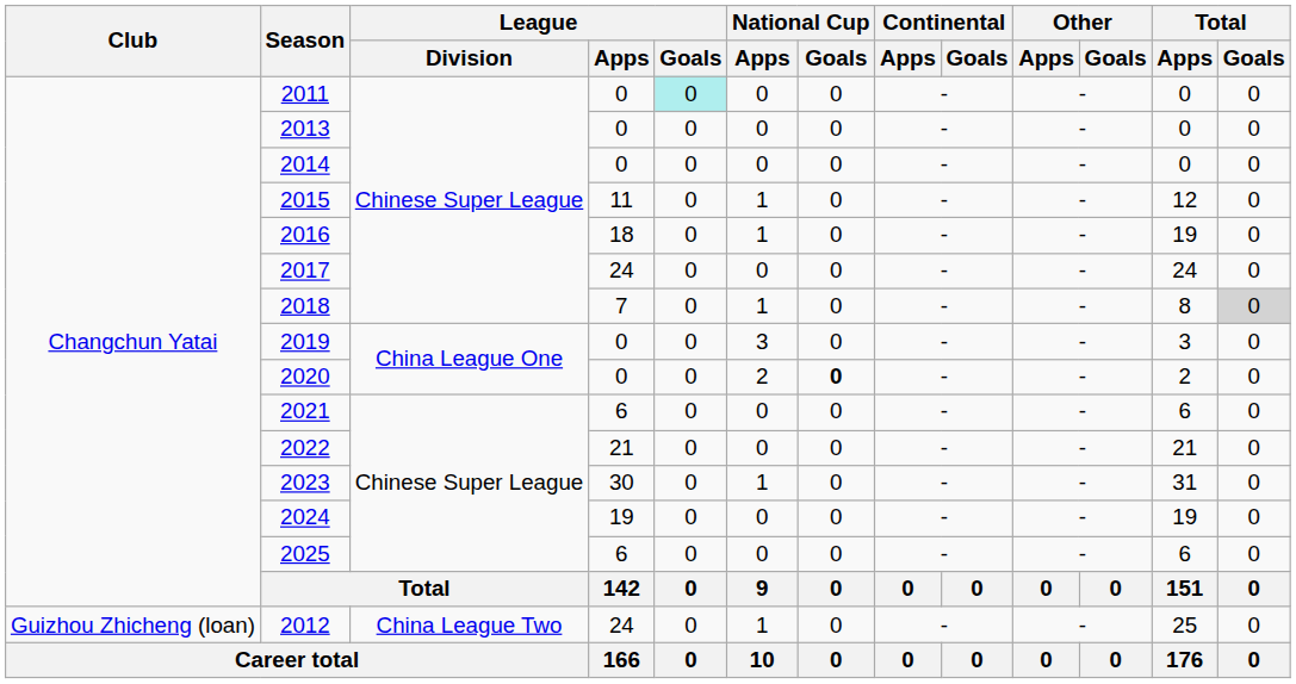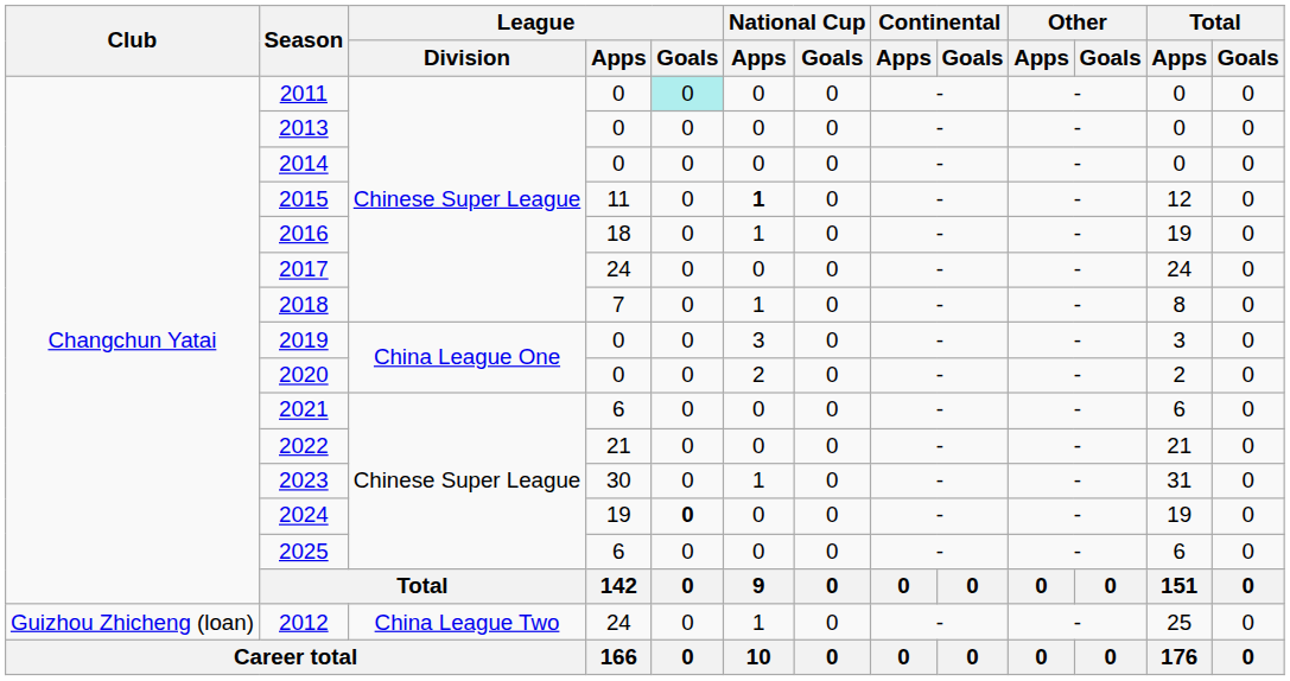 <table class="wikitable" style="text-align: center">
 <tr>
 <th rowspan="2">Club</th>
 <th rowspan="2">Season</th>
 <th colspan="3">League</th>
 <th colspan="2">National Cup</th>
 <th colspan="2">Continental</th>
 <th colspan="2">Other</th>
 <th colspan="2">Total</th>
 </tr>
 <tr>
 <th>Division</th>
 <th>Apps</th>
 <th>Goals</th>
 <th>Apps</th>
 <th>Goals</th>
 <th>Apps</th>
 <th>Goals</th>
 <th>Apps</th>
 <th>Goals</th>
 <th>Apps</th>
 <th>Goals</th>
 </tr>
 <tr>
 <td rowspan=15><a href='#'>Changchun Yatai</a></td>
 <td><a href='#'>2011</a></td>
 <td rowspan=7><a href='#'>Chinese Super League</a></td>
 <td>0</td>
 <td style="background: paleturquoise;">0</td>
 <td>0</td>
 <td>0</td>
 <td colspan="2">-</td>
 <td colspan="2">-</td>
 <td>0</td>
 <td>0</td>
 </tr>
 <tr>
 <td><a href='#'>2013</a></td>
 <td>0</td>
 <td>0</td>
 <td>0</td>
 <td>0</td>
 <td colspan="2">-</td>
 <td colspan="2">-</td>
 <td>0</td>
 <td>0</td>
 </tr>
 <tr>
 <td><a href='#'>2014</a></td>
 <td>0</td>
 <td>0</td>
 <td>0</td>
 <td>0</td>
 <td colspan="2">-</td>
 <td colspan="2">-</td>
 <td>0</td>
 <td>0</td>
 </tr>
 <tr>
 <td><a href='#'>2015</a></td>
 <td>11</td>
 <td>0</td>
-<td>1</td>
+<td><strong>1</strong></td>
 <td>0</td>
 <td colspan="2">-</td>
 <td colspan="2">-</td>
 <td>12</td>
 <td>0</td>
 </tr>
 <tr>
 <td><a href='#'>2016</a></td>
 <td>18</td>
 <td>0</td>
 <td>1</td>
 <td>0</td>
 <td colspan="2">-</td>
 <td colspan="2">-</td>
 <td>19</td>
 <td>0</td>
 </tr>
 <tr>
 <td><a href='#'>2017</a></td>
 <td>24</td>
 <td>0</td>
 <td>0</td>
 <td>0</td>
 <td colspan="2">-</td>
 <td colspan="2">-</td>
 <td>24</td>
 <td>0</td>
 </tr>
 <tr>
 <td><a href='#'>2018</a></td>
 <td>7</td>
 <td>0</td>
 <td>1</td>
 <td>0</td>
 <td colspan="2">-</td>
 <td colspan="2">-</td>
 <td>8</td>
-<td style="background: lightgrey;">0</td>
+<td>0</td>
 </tr>
 <tr>
 <td><a href='#'>2019</a></td>
 <td rowspan=2><a href='#'>China League One</a></td>
 <td>0</td>
 <td>0</td>
 <td>3</td>
 <td>0</td>
 <td colspan="2">-</td>
 <td colspan="2">-</td>
 <td>3</td>
 <td>0</td>
 </tr>
 <tr>
 <td><a href='#'>2020</a></td>
 <td>0</td>
 <td>0</td>
 <td>2</td>
-<td><strong>0</strong></td>
+<td>0</td>
 <td colspan="2">-</td>
 <td colspan="2">-</td>
 <td>2</td>
 <td>0</td>
 </tr>
 <tr>
 <td><a href='#'>2021</a></td>
 <td rowspan=5>Chinese Super League</td>
 <td>6</td>
 <td>0</td>
 <td>0</td>
 <td>0</td>
 <td colspan="2">-</td>
 <td colspan="2">-</td>
 <td>6</td>
 <td>0</td>
 </tr>
 <tr>
 <td><a href='#'>2022</a></td>
 <td>21</td>
 <td>0</td>
 <td>0</td>
 <td>0</td>
 <td colspan="2">-</td>
 <td colspan="2">-</td>
 <td>21</td>
 <td>0</td>
 </tr>
 <tr>
 <td><a href='#'>2023</a></td>
 <td>30</td>
 <td>0</td>
 <td>1</td>
 <td>0</td>
 <td colspan="2">-</td>
 <td colspan="2">-</td>
 <td>31</td>
 <td>0</td>
 </tr>
 <tr>
 <td><a href='#'>2024</a></td>
 <td>19</td>
-<td>0</td>
+<td><strong>0</strong></td>
 <td>0</td>
 <td>0</td>
 <td colspan="2">-</td>
 <td colspan="2">-</td>
 <td>19</td>
 <td>0</td>
 </tr>
 <tr>
 <td><a href='#'>2025</a></td>
 <td>6</td>
 <td>0</td>
 <td>0</td>
 <td>0</td>
 <td colspan="2">-</td>
 <td colspan="2">-</td>
 <td>6</td>
 <td>0</td>
 </tr>
 <tr>
 <th colspan="2">Total</th>
 <th>142</th>
 <th>0</th>
 <th>9</th>
 <th>0</th>
 <th>0</th>
 <th>0</th>
 <th>0</th>
 <th>0</th>
 <th>151</th>
 <th>0</th>
 </tr>
 <tr>
 <td><a href='#'>Guizhou Zhicheng</a> (loan)</td>
 <td><a href='#'>2012</a></td>
 <td><a href='#'>China League Two</a></td>
 <td>24</td>
 <td>0</td>
 <td>1</td>
 <td>0</td>
 <td colspan="2">-</td>
 <td colspan="2">-</td>
 <td>25</td>
 <td>0</td>
 </tr>
 <tr>
 <th colspan=3>Career total</th>
 <th>166</th>
 <th>0</th>
 <th>10</th>
 <th>0</th>
 <th>0</th>
 <th>0</th>
 <th>0</th>
 <th>0</th>
 <th>176</th>
 <th>0</th>
 </tr>
 </table>
